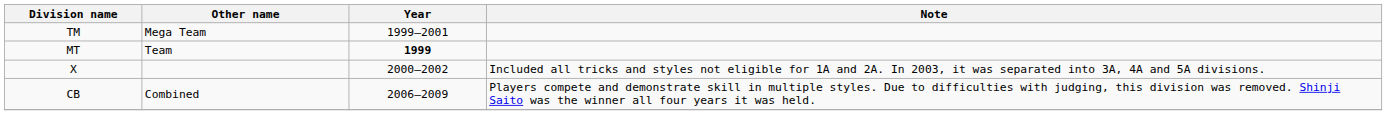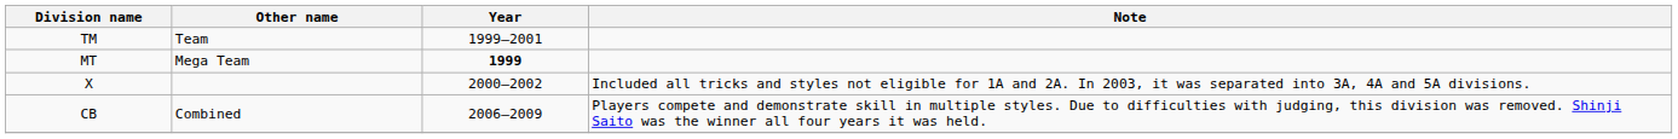 <table class="wikitable" width=100%>
 <tr>
 <th width=10%>Division name</th>
 <th width=15%>Other name</th>
 <th width=10%>Year</th>
 <th width=75%>Note</th>
 </tr>
 <tr>
 <td style="text-align: center;">TM</td>
-<td align=left>Mega Team</td>
+<td align=left>Team</td>
 <td align=center>1999–2001</td>
 <td align=left></td>
 </tr>
 <tr>
 <td style="text-align: center;">MT</td>
-<td align=left>Team</td>
+<td align=left>Mega Team</td>
 <td align=center><strong>1999</strong></td>
 <td align=left></td>
 </tr>
 <tr>
 <td style="text-align: center;">X</td>
 <td align=left></td>
 <td align=center>2000–2002</td>
 <td align=left>Included all tricks and styles not eligible for 1A and 2A. In 2003, it was separated into 3A, 4A and 5A divisions.</td>
 </tr>
 <tr>
 <td style="text-align: center;">CB</td>
 <td align=left>Combined</td>
 <td align=center>2006–2009</td>
 <td align=left>Players compete and demonstrate skill in multiple styles. Due to difficulties with judging, this division was removed. <a href='#'>Shinji Saito</a> was the winner all four years it was held.</td>
 </tr>
 <tr>
 </tr>
 </table>
